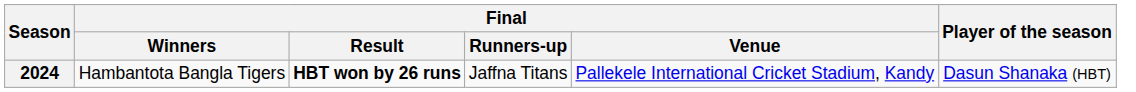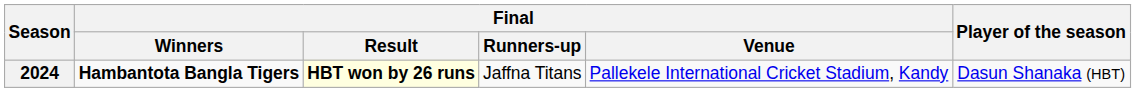 <table class="wikitable" style="text-align:center;">
 <tr>
 <th rowspan=2>Season</th>
 <th colspan=4>Final</th>
 <th rowspan=2>Player of the season</th>
 </tr>
 <tr>
 <th>Winners</th>
 <th>Result</th>
 <th>Runners-up</th>
 <th>Venue</th>
 </tr>
 <tr>
 <th>2024</th>
-<td>Hambantota Bangla Tigers<br><small></small></td>
-<td><strong>HBT won by 26 runs</strong><br><small></small></td>
+<td><strong>Hambantota Bangla Tigers<br><small></small></strong></td>
+<td style="background: lightyellow;"><strong>HBT won by 26 runs</strong><br><small></small></td>
 <td>Jaffna Titans<br><small></small></td>
 <td><a href='#'>Pallekele International Cricket Stadium</a>, <a href='#'>Kandy</a></td>
 <td><a href='#'>Dasun Shanaka</a> <small>(HBT)</small></td>
 </tr>
 </table>
